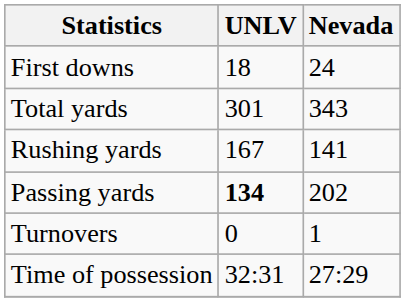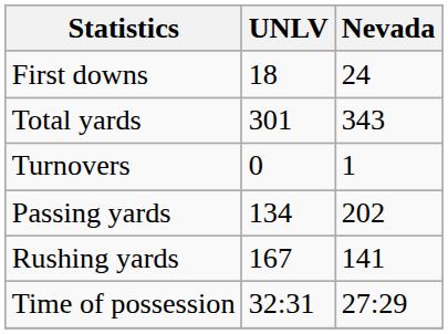 <table class="wikitable">
 <tr>
 <th>Statistics</th>
 <th>UNLV</th>
 <th>Nevada</th>
 </tr>
 <tr>
 <td>First downs</td>
 <td>18</td>
 <td>24</td>
 </tr>
 <tr>
 <td>Total yards</td>
 <td>301</td>
 <td>343</td>
 </tr>
 <tr>
+<td>Turnovers</td>
+<td>0</td>
+<td>1</td>
+</tr>
+<tr>
+<td>Passing yards</td>
+<td>134</td>
+<td>202</td>
+</tr>
+<tr>
 <td>Rushing yards</td>
 <td>167</td>
 <td>141</td>
-</tr>
-<tr>
-<td>Passing yards</td>
-<td><strong>134</strong></td>
-<td>202</td>
-</tr>
-<tr>
-<td>Turnovers</td>
-<td>0</td>
-<td>1</td>
 </tr>
 <tr>
 <td>Time of possession</td>
 <td>32:31</td>
 <td>27:29</td>
 </tr>
 <tr>
 </tr>
 </table>
